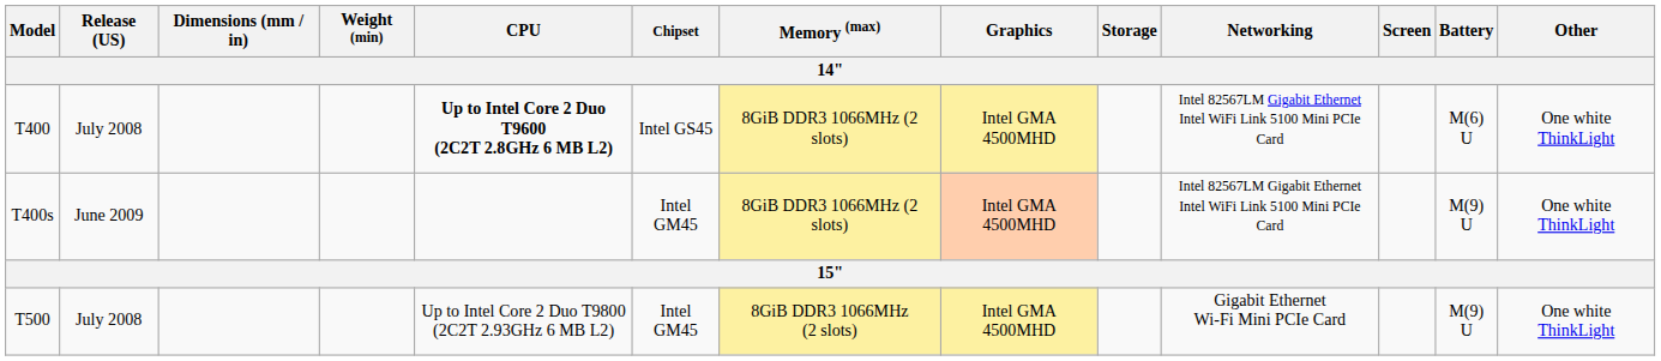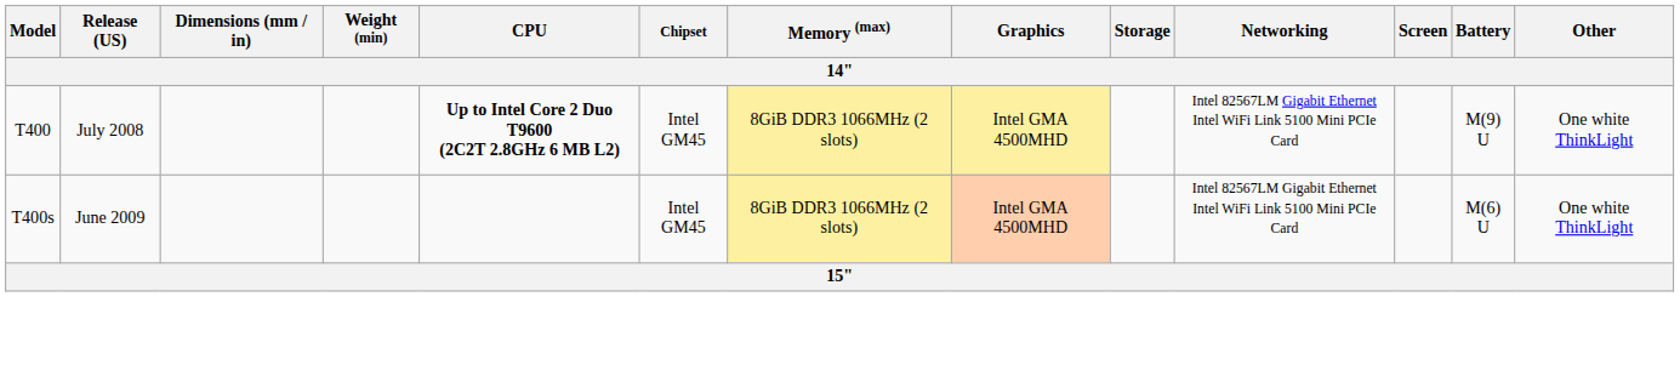 <table class="wikitable" style="font-size: 80%; text-align: center; min-width: 80%;">
 <tr>
 <th>Model</th>
 <th>Release (US)</th>
 <th>Dimensions (mm / in)</th>
 <th>Weight <sup>(min)</sup></th>
 <th>CPU</th>
 <th><small>Chipset</small></th>
 <th>Memory <sup>(max)</sup></th>
 <th>Graphics</th>
 <th>Storage</th>
 <th>Networking</th>
 <th>Screen</th>
 <th>Battery</th>
 <th>Other</th>
 </tr>
 <tr>
 <th colspan="13">14"</th>
 </tr>
 <tr>
 <td>T400</td>
 <td>July 2008</td>
 <td></td>
 <td></td>
 <td style="background:"><strong>Up to Intel Core 2 Duo T9600 <br>(2C2T 2.8GHz 6 MB L2)</strong></td>
-<td>Intel GS45</td>
+<td>Intel GM45</td>
 <td style="background:#fdf1a1;">8GiB DDR3 1066MHz (2 slots)</td>
 <td style="background:#fdf1a1;">Intel GMA 4500MHD <br></td>
 <td></td>
 <td><small>Intel 82567LM <a href='#'>Gigabit Ethernet</a><br> Intel WiFi Link 5100 Mini PCIe Card<br><br></small></td>
 <td></td>
-<td style="background:">M(6)<br>U</td>
+<td style="background:">M(9)<br>U</td>
 <td>One white <a href='#'>ThinkLight</a></td>
 </tr>
 <tr>
 <td>T400s</td>
 <td>June 2009</td>
 <td></td>
 <td></td>
 <td></td>
 <td>Intel GM45</td>
 <td style="background:#fdf1a1;">8GiB DDR3 1066MHz (2 slots)</td>
 <td style="background:#ffcead;">Intel GMA 4500MHD</td>
 <td></td>
 <td><small>Intel 82567LM Gigabit Ethernet<br> Intel WiFi Link 5100 Mini PCIe Card<br><br></small></td>
 <td></td>
-<td style="background:">M(9)<br>U</td>
+<td style="background:">M(6)<br>U</td>
 <td>One white <a href='#'>ThinkLight</a></td>
 </tr>
 <tr>
 <th colspan="13">15"</th>
 </tr>
-<tr>
-<td>T500</td>
-<td>July 2008</td>
-<td></td>
-<td></td>
-<td style="background:">Up to Intel Core 2 Duo T9800<br>(2C2T 2.93GHz 6 MB L2)</td>
-<td>Intel GM45</td>
-<td style="background:#fdf1a1;">8GiB DDR3 1066MHz <br> (2 slots)</td>
-<td style="background:#fdf1a1;">Intel GMA 4500MHD <br></td>
-<td></td>
-<td>Gigabit Ethernet<br>Wi-Fi Mini PCIe Card<br><br><small></small></td>
-<td></td>
-<td style="background:">M(9)<br>U</td>
-<td>One white <a href='#'>ThinkLight</a></td>
-</tr>
 </table>
